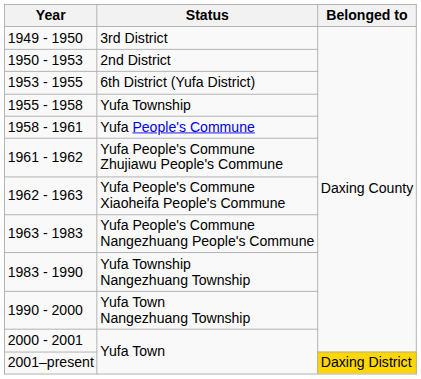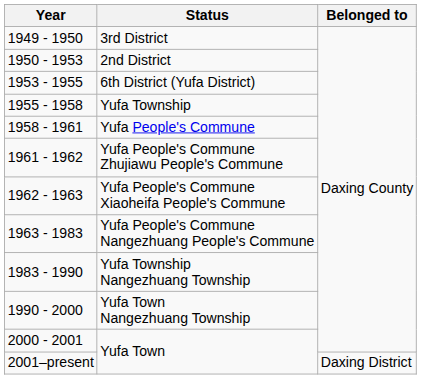 <table class="wikitable">
 <tr>
 <th>Year</th>
 <th>Status</th>
 <th>Belonged to</th>
 </tr>
 <tr>
 <td>1949 - 1950</td>
 <td>3rd District</td>
 <td rowspan="11">Daxing County</td>
 </tr>
 <tr>
 <td>1950 - 1953</td>
 <td>2nd District</td>
 </tr>
 <tr>
 <td>1953 - 1955</td>
 <td>6th District (Yufa District)</td>
 </tr>
 <tr>
 <td>1955 - 1958</td>
 <td>Yufa Township</td>
 </tr>
 <tr>
 <td>1958 - 1961</td>
 <td>Yufa <a href='#'>People's Commune</a></td>
 </tr>
 <tr>
 <td>1961 - 1962</td>
 <td>Yufa People's Commune<br>Zhujiawu People's Commune</td>
 </tr>
 <tr>
 <td>1962 - 1963</td>
 <td>Yufa People's Commune<br>Xiaoheifa People's Commune</td>
 </tr>
 <tr>
 <td>1963 - 1983</td>
 <td>Yufa People's Commune<br>Nangezhuang People's Commune</td>
 </tr>
 <tr>
 <td>1983 - 1990</td>
 <td>Yufa Township<br>Nangezhuang Township</td>
 </tr>
 <tr>
 <td>1990 - 2000</td>
 <td>Yufa Town<br>Nangezhuang Township</td>
 </tr>
 <tr>
 <td>2000 - 2001</td>
 <td rowspan="2">Yufa Town</td>
 </tr>
 <tr>
 <td>2001–present</td>
-<td style="background: gold;">Daxing District</td>
+<td>Daxing District</td>
 </tr>
 </table>
